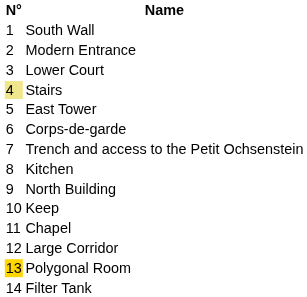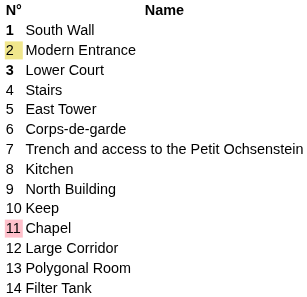 <table>
 <tr>
 <th>N°</th>
 <th>Name</th>
 <th rowspan=15></th>
 </tr>
 <tr>
-<td>1</td>
+<td><strong>1</strong></td>
 <td>South Wall</td>
 </tr>
 <tr>
-<td>2</td>
+<td style="background: khaki;">2</td>
 <td>Modern Entrance</td>
 </tr>
 <tr>
-<td>3</td>
+<td><strong>3</strong></td>
 <td>Lower Court</td>
 </tr>
 <tr>
-<td style="background: khaki;">4</td>
+<td>4</td>
 <td>Stairs</td>
 </tr>
 <tr>
 <td>5</td>
 <td>East Tower</td>
 </tr>
 <tr>
 <td>6</td>
 <td>Corps-de-garde</td>
 </tr>
 <tr>
 <td>7</td>
 <td>Trench and access to the Petit Ochsenstein</td>
 </tr>
 <tr>
 <td>8</td>
 <td>Kitchen</td>
 </tr>
 <tr>
 <td>9</td>
 <td>North Building</td>
 </tr>
 <tr>
 <td>10</td>
 <td>Keep</td>
 </tr>
 <tr>
-<td>11</td>
+<td style="background: pink;">11</td>
 <td>Chapel</td>
 </tr>
 <tr>
 <td>12</td>
 <td>Large Corridor</td>
 </tr>
 <tr>
-<td style="background: gold;">13</td>
+<td>13</td>
 <td>Polygonal Room</td>
 </tr>
 <tr>
 <td>14</td>
 <td>Filter Tank</td>
 </tr>
 <tr>
 </tr>
 </table>
